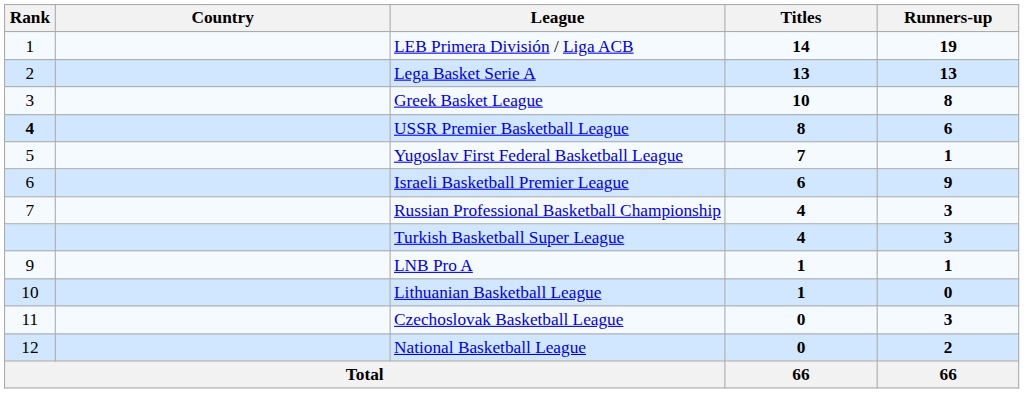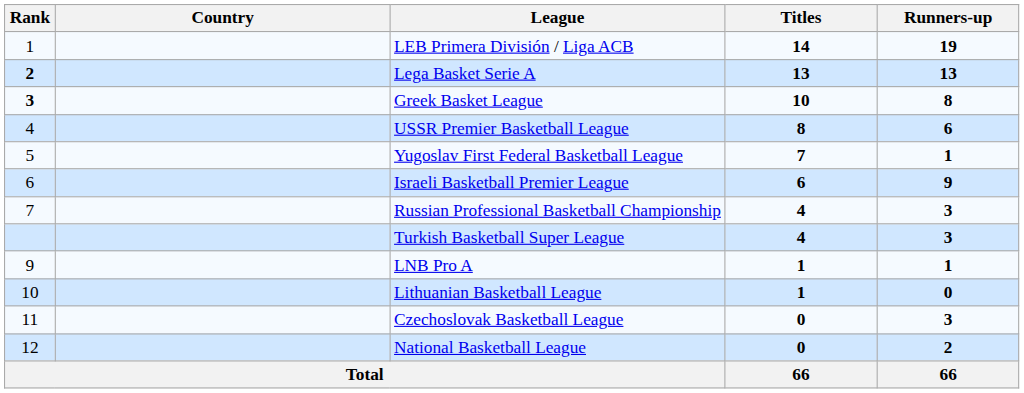 <table class="wikitable">
 <tr>
 <th width=5%>Rank</th>
 <th width=33%>Country</th>
 <th width=33%>League</th>
 <th width=15%>Titles</th>
 <th width=15%>Runners-up</th>
 </tr>
 <tr bgcolor=#F5FAFF>
 <td align=center>1</td>
 <td></td>
 <td><a href='#'>LEB Primera División</a> / <a href='#'>Liga ACB</a></td>
 <td align=center><strong>14</strong></td>
 <td align=center><strong>19</strong></td>
 </tr>
 <tr bgcolor=#D0E7FF>
-<td align=center>2</td>
+<td align=center><strong>2</strong></td>
 <td></td>
 <td><a href='#'>Lega Basket Serie A</a></td>
 <td align=center><strong>13</strong></td>
 <td align=center><strong>13</strong></td>
 </tr>
 <tr bgcolor=#F5FAFF>
-<td align=center>3</td>
+<td align=center><strong>3</strong></td>
 <td></td>
 <td><a href='#'>Greek Basket League</a></td>
 <td align=center><strong>10</strong></td>
 <td align=center><strong>8</strong></td>
 </tr>
 <tr bgcolor=#D0E7FF>
-<td align=center><strong>4</strong></td>
+<td align=center>4</td>
 <td></td>
 <td><a href='#'>USSR Premier Basketball League</a></td>
 <td align=center><strong>8</strong></td>
 <td align=center><strong>6</strong></td>
 </tr>
 <tr bgcolor=#F5FAFF>
 <td align=center>5</td>
 <td></td>
 <td><a href='#'>Yugoslav First Federal Basketball League</a></td>
 <td align=center><strong>7</strong></td>
 <td align=center><strong>1</strong></td>
 </tr>
 <tr bgcolor=#D0E7FF>
 <td align=center>6</td>
 <td></td>
 <td><a href='#'>Israeli Basketball Premier League</a></td>
 <td align=center><strong>6</strong></td>
 <td align=center><strong>9</strong></td>
 </tr>
 <tr bgcolor=#F5FAFF>
 <td align=center>7</td>
 <td></td>
 <td><a href='#'>Russian Professional Basketball Championship</a></td>
 <td align=center><strong>4</strong></td>
 <td align=center><strong>3</strong></td>
 </tr>
 <tr bgcolor=#D0E7FF>
 <td align=center></td>
 <td></td>
 <td><a href='#'>Turkish Basketball Super League</a></td>
 <td align=center><strong>4</strong></td>
 <td align=center><strong>3</strong></td>
 </tr>
 <tr bgcolor=#F5FAFF>
 <td align=center>9</td>
 <td></td>
 <td><a href='#'>LNB Pro A</a></td>
 <td align=center><strong>1</strong></td>
 <td align=center><strong>1</strong></td>
 </tr>
 <tr bgcolor=#D0E7FF>
 <td align=center>10</td>
 <td></td>
 <td><a href='#'>Lithuanian Basketball League</a></td>
 <td align=center><strong>1</strong></td>
 <td align=center><strong>0</strong></td>
 </tr>
 <tr bgcolor=#F5FAFF>
 <td align=center>11</td>
 <td></td>
 <td><a href='#'>Czechoslovak Basketball League</a></td>
 <td align=center><strong>0</strong></td>
 <td align=center><strong>3</strong></td>
 </tr>
 <tr bgcolor=#D0E7FF>
 <td align=center>12</td>
 <td></td>
 <td><a href='#'>National Basketball League</a></td>
 <td align=center><strong>0</strong></td>
 <td align=center><strong>2</strong></td>
 </tr>
 <tr>
 <th colspan=3>Total</th>
 <th>66</th>
 <th>66</th>
 </tr>
 </table>
